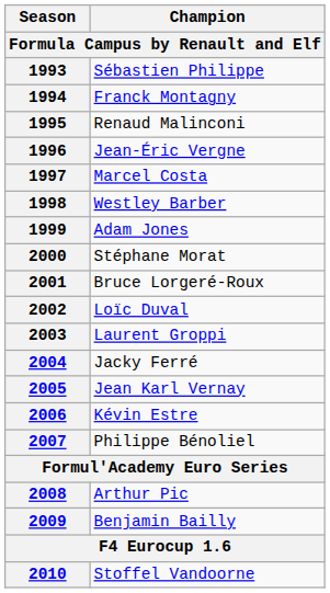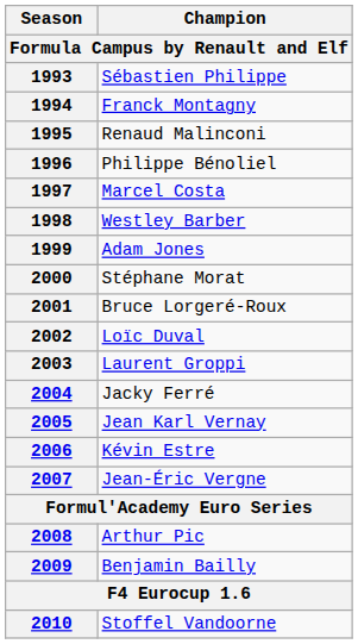 <table class="wikitable" style="font-size:90%;">
 <tr>
 <th>Season</th>
 <th>Champion</th>
 </tr>
 <tr>
 <th colspan=2>Formula Campus by Renault and Elf</th>
 </tr>
 <tr>
 <th>1993</th>
 <td> <a href='#'>Sébastien Philippe</a></td>
 </tr>
 <tr>
 <th>1994</th>
 <td> <a href='#'>Franck Montagny</a></td>
 </tr>
 <tr>
 <th>1995</th>
 <td> Renaud Malinconi</td>
 </tr>
 <tr>
 <th>1996</th>
-<td> <a href='#'>Jean-Éric Vergne</a></td>
+<td> Philippe Bénoliel</td>
 </tr>
 <tr>
 <th>1997</th>
 <td> <a href='#'>Marcel Costa</a></td>
 </tr>
 <tr>
 <th>1998</th>
 <td> <a href='#'>Westley Barber</a></td>
 </tr>
 <tr>
 <th>1999</th>
 <td> <a href='#'>Adam Jones</a></td>
 </tr>
 <tr>
 <th>2000</th>
 <td> Stéphane Morat</td>
 </tr>
 <tr>
 <th>2001</th>
 <td> Bruce Lorgeré-Roux</td>
 </tr>
 <tr>
 <th>2002</th>
 <td> <a href='#'>Loïc Duval</a></td>
 </tr>
 <tr>
 <th>2003</th>
 <td> <a href='#'>Laurent Groppi</a></td>
 </tr>
 <tr>
 <th><a href='#'>2004</a></th>
 <td> Jacky Ferré</td>
 </tr>
 <tr>
 <th><a href='#'>2005</a></th>
 <td> <a href='#'>Jean Karl Vernay</a></td>
 </tr>
 <tr>
 <th><a href='#'>2006</a></th>
 <td> <a href='#'>Kévin Estre</a></td>
 </tr>
 <tr>
 <th><a href='#'>2007</a></th>
-<td> Philippe Bénoliel</td>
+<td> <a href='#'>Jean-Éric Vergne</a></td>
 </tr>
 <tr>
 <th colspan=2>Formul'Academy Euro Series</th>
 </tr>
 <tr>
 <th><a href='#'>2008</a></th>
 <td> <a href='#'>Arthur Pic</a></td>
 </tr>
 <tr>
 <th><a href='#'>2009</a></th>
 <td> <a href='#'>Benjamin Bailly</a></td>
 </tr>
 <tr>
 <th colspan=2>F4 Eurocup 1.6</th>
 </tr>
 <tr>
 <th><a href='#'>2010</a></th>
 <td> <a href='#'>Stoffel Vandoorne</a></td>
 </tr>
 </table>
